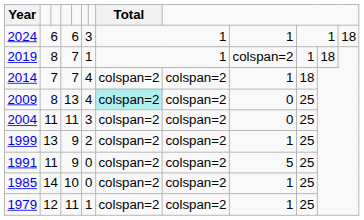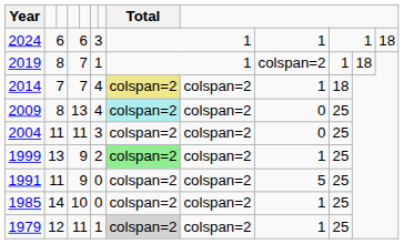 <table class="wikitable" style="text-align:right; padding-left:1em">
 <tr>
 <th align="left">Year</th>
 <td></td>
 <td></td>
 <td></td>
 <td></td>
 <td></td>
 <td></td>
 <th align="left">Total</th>
 </tr>
 <tr>
 <td><a href='#'>2024</a></td>
 <td colspan=2>6</td>
 <td colspan=2>6</td>
 <td colspan=2>3</td>
 <td colspan=2>1</td>
 <td colspan=2>1</td>
 <td colspan=2>1</td>
 <td>18</td>
 </tr>
 <tr>
 <td><a href='#'>2019</a></td>
 <td colspan=2>8</td>
 <td colspan=2>7</td>
 <td colspan=2>1</td>
 <td colspan=2>1</td>
 <td>colspan=2 </td>
 <td colspan=2>1</td>
 <td>18</td>
 </tr>
 <tr>
 <td><a href='#'>2014</a></td>
 <td colspan=2>7</td>
 <td colspan=2>7</td>
 <td colspan=2>4</td>
-<td>colspan=2 </td>
+<td style="background: khaki;">colspan=2 </td>
 <td>colspan=2 </td>
 <td colspan=2>1</td>
 <td>18</td>
 </tr>
 <tr>
 <td><a href='#'>2009</a></td>
 <td colspan=2>8</td>
 <td colspan=2>13</td>
 <td colspan=2>4</td>
 <td style="background: paleturquoise;">colspan=2 </td>
 <td>colspan=2 </td>
 <td colspan=2>0</td>
 <td>25</td>
 </tr>
 <tr>
 <td><a href='#'>2004</a></td>
 <td colspan=2>11</td>
 <td colspan=2>11</td>
 <td colspan=2>3</td>
 <td>colspan=2 </td>
 <td>colspan=2 </td>
 <td colspan=2>0</td>
 <td>25</td>
 </tr>
 <tr>
 <td><a href='#'>1999</a></td>
 <td colspan=2>13</td>
 <td colspan=2>9</td>
 <td colspan=2>2</td>
-<td>colspan=2 </td>
+<td style="background: lightgreen;">colspan=2 </td>
 <td>colspan=2 </td>
 <td colspan=2>1</td>
 <td>25</td>
 </tr>
 <tr>
 <td><a href='#'>1991</a></td>
 <td colspan=2>11</td>
 <td colspan=2>9</td>
 <td colspan=2>0</td>
 <td>colspan=2 </td>
 <td>colspan=2 </td>
 <td colspan=2>5</td>
 <td>25</td>
 </tr>
 <tr>
 <td><a href='#'>1985</a></td>
 <td colspan=2>14</td>
 <td colspan=2>10</td>
 <td colspan=2>0</td>
 <td>colspan=2 </td>
 <td>colspan=2 </td>
 <td colspan=2>1</td>
 <td>25</td>
 </tr>
 <tr>
 <td><a href='#'>1979</a></td>
 <td colspan=2>12</td>
 <td colspan=2>11</td>
 <td colspan=2>1</td>
-<td>colspan=2 </td>
+<td style="background: lightgrey;">colspan=2 </td>
 <td>colspan=2 </td>
 <td colspan=2>1</td>
 <td>25</td>
 </tr>
 </table>
